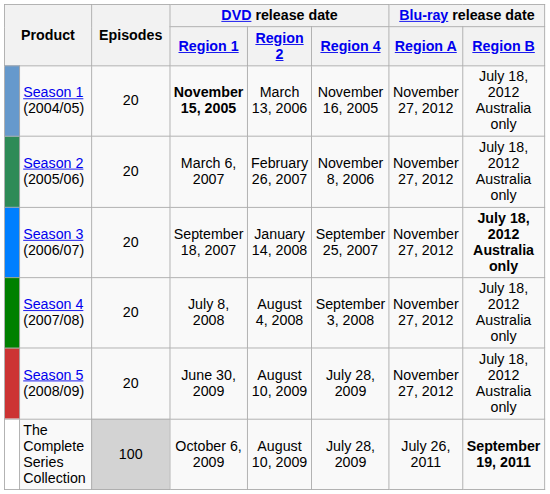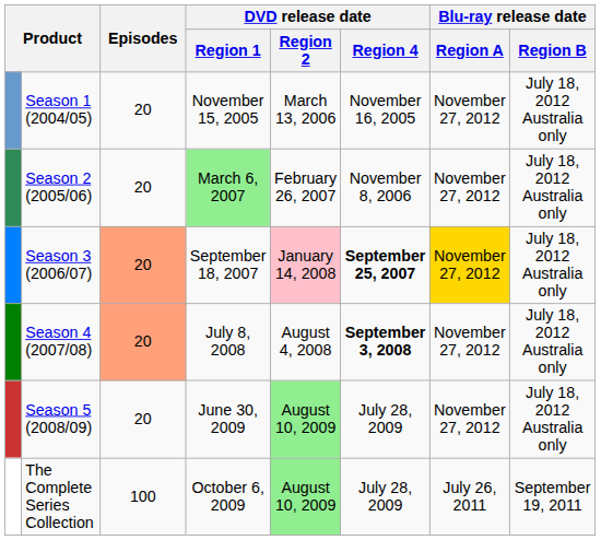 <table class="wikitable" style="text-align:center;">
 <tr>
 <th colspan="2" rowspan="2">Product</th>
 <th rowspan="2" style="padding: 0px 8px">Episodes</th>
 <th colspan="3"><a href='#'>DVD</a> release date</th>
 <th colspan="2"><a href='#'>Blu-ray</a> release date</th>
 </tr>
 <tr>
 <th><a href='#'>Region 1</a></th>
 <th><a href='#'>Region 2</a></th>
 <th><a href='#'>Region 4</a></th>
 <th><a href='#'>Region A</a></th>
 <th><a href='#'>Region B</a></th>
 </tr>
 <tr>
 <td width="10px" style="background:#6699CC;"></td>
 <td align="left"><a href='#'>Season 1</a> (2004/05)</td>
 <td>20</td>
-<td><strong>November 15, 2005</strong></td>
+<td>November 15, 2005</td>
 <td>March 13, 2006</td>
 <td>November 16, 2005</td>
 <td>November 27, 2012</td>
 <td>July 18, 2012 Australia only</td>
 </tr>
 <tr>
 <td style="background:#2E8B57;"></td>
 <td align="left"><a href='#'>Season 2</a> (2005/06)</td>
 <td>20</td>
-<td>March 6, 2007</td>
+<td style="background: lightgreen;">March 6, 2007</td>
 <td>February 26, 2007</td>
 <td>November 8, 2006</td>
 <td>November 27, 2012</td>
 <td>July 18, 2012 Australia only</td>
 </tr>
 <tr>
 <td style="background:#007FFF;"></td>
 <td align="left"><a href='#'>Season 3</a> (2006/07)</td>
-<td>20</td>
+<td style="background: lightsalmon;">20</td>
 <td>September 18, 2007</td>
-<td>January 14, 2008</td>
-<td>September 25, 2007</td>
-<td>November 27, 2012</td>
-<td><strong>July 18, 2012 Australia only</strong></td>
+<td style="background: pink;">January 14, 2008</td>
+<td><strong>September 25, 2007</strong></td>
+<td style="background: gold;">November 27, 2012</td>
+<td>July 18, 2012 Australia only</td>
 </tr>
 <tr>
 <td style="background:#008000;"></td>
 <td align="left"><a href='#'>Season 4</a> (2007/08)</td>
-<td>20</td>
+<td style="background: lightsalmon;">20</td>
 <td>July 8, 2008</td>
 <td>August 4, 2008</td>
-<td>September 3, 2008</td>
+<td><strong>September 3, 2008</strong></td>
 <td>November 27, 2012</td>
 <td>July 18, 2012 Australia only</td>
 </tr>
 <tr>
 <td style="background:#CC3333;"></td>
 <td align="left"><a href='#'>Season 5</a> (2008/09)</td>
 <td>20</td>
 <td>June 30, 2009</td>
-<td>August 10, 2009</td>
+<td style="background: lightgreen;">August 10, 2009</td>
 <td>July 28, 2009</td>
 <td>November 27, 2012</td>
 <td>July 18, 2012 Australia only</td>
 </tr>
 <tr>
 <td style="background:#FFFFFF;"></td>
 <td align="left">The Complete Series Collection</td>
-<td style="background: lightgrey;">100</td>
+<td>100</td>
 <td>October 6, 2009</td>
-<td>August 10, 2009</td>
+<td style="background: lightgreen;">August 10, 2009</td>
 <td>July 28, 2009</td>
 <td>July 26, 2011</td>
-<td><strong>September 19, 2011</strong></td>
+<td>September 19, 2011</td>
 </tr>
 </table>
